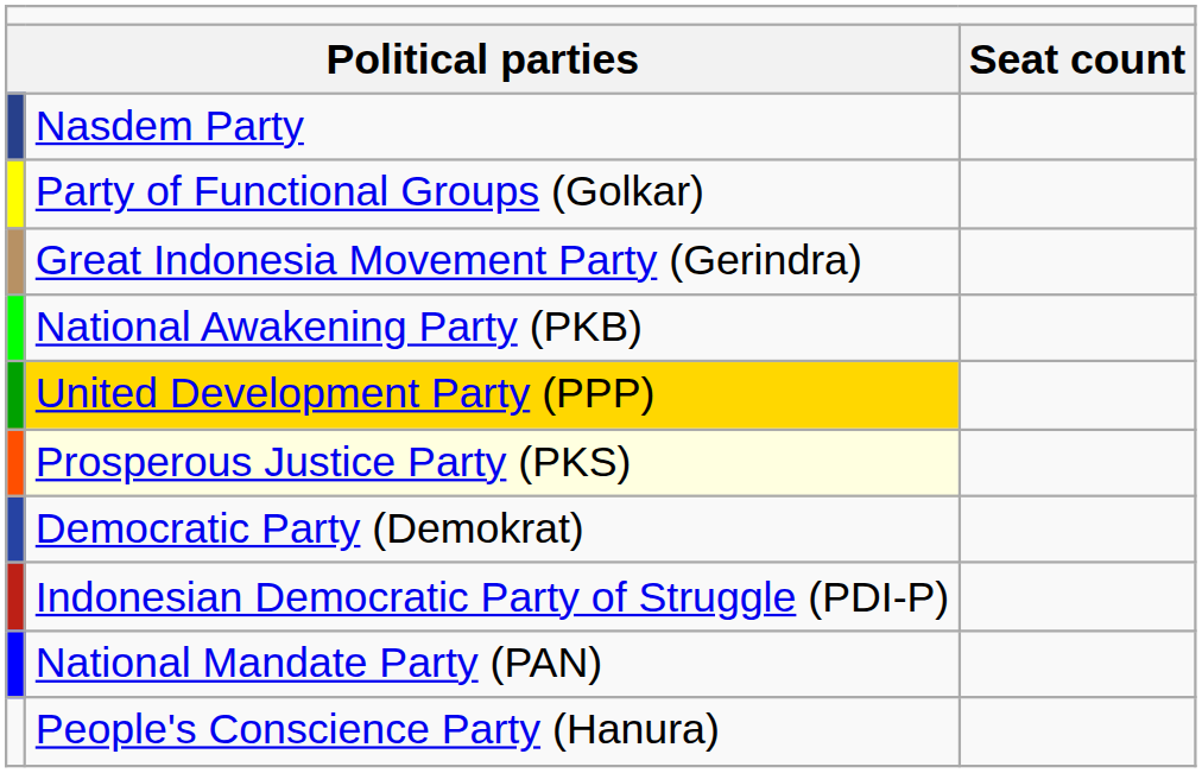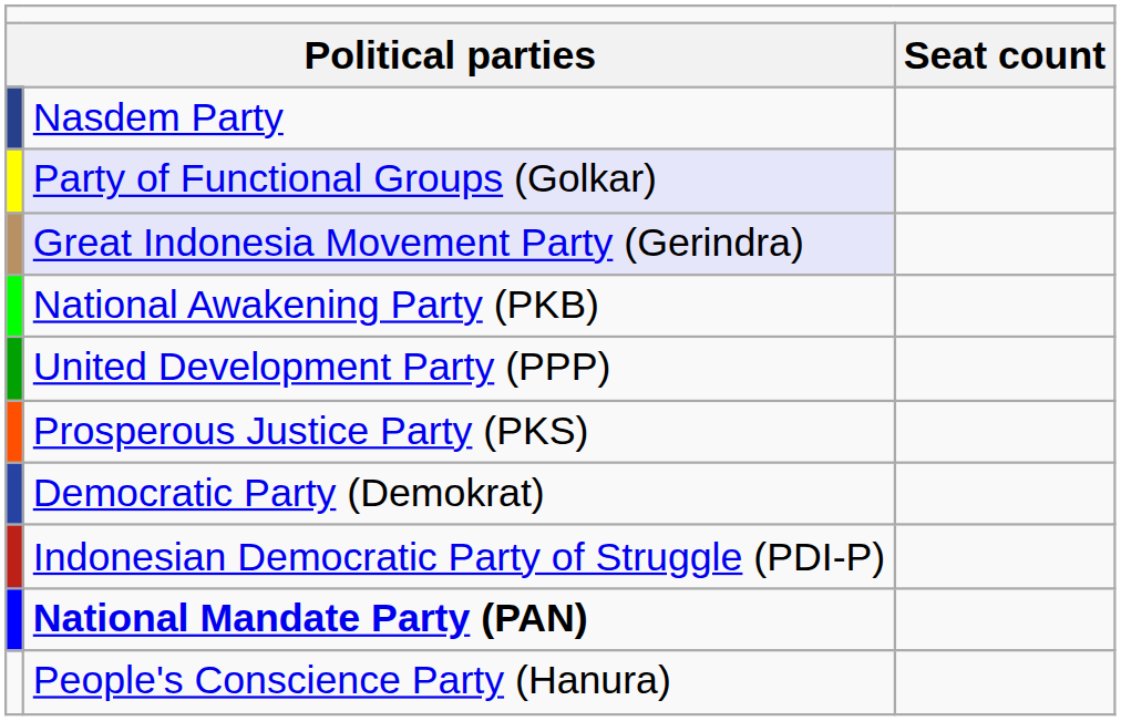 <table class="wikitable">
 <tr>
 <td colspan="4"></td>
 </tr>
 <tr>
 <th colspan="2">Political parties</th>
 <th>Seat count</th>
 </tr>
 <tr>
 <td bgcolor=#27408B></td>
 <td><a href='#'>Nasdem Party</a></td>
 <td></td>
 </tr>
 <tr>
 <td bgcolor=#FFFF00></td>
-<td><a href='#'>Party of Functional Groups</a> (Golkar)</td>
+<td style="background: lavender;"><a href='#'>Party of Functional Groups</a> (Golkar)</td>
 <td></td>
 </tr>
 <tr>
 <td bgcolor=#B79164></td>
-<td><a href='#'>Great Indonesia Movement Party</a> (Gerindra)</td>
+<td style="background: lavender;"><a href='#'>Great Indonesia Movement Party</a> (Gerindra)</td>
 <td></td>
 </tr>
 <tr>
 <td bgcolor=#00FF00></td>
 <td><a href='#'>National Awakening Party</a> (PKB)</td>
 <td></td>
 </tr>
 <tr>
 <td bgcolor=#00A100></td>
-<td style="background: gold;"><a href='#'>United Development Party</a> (PPP)</td>
+<td><a href='#'>United Development Party</a> (PPP)</td>
 <td></td>
 </tr>
 <tr>
 <td bgcolor=#FF4F00></td>
-<td style="background: lightyellow;"><a href='#'>Prosperous Justice Party</a> (PKS)</td>
+<td><a href='#'>Prosperous Justice Party</a> (PKS)</td>
 <td></td>
 </tr>
 <tr>
 <td bgcolor=#2643A3></td>
 <td><a href='#'>Democratic Party</a> (Demokrat)</td>
 <td></td>
 </tr>
 <tr>
 <td bgcolor=#BD2016></td>
 <td><a href='#'>Indonesian Democratic Party of Struggle</a> (PDI-P)</td>
 <td></td>
 </tr>
 <tr>
 <td bgcolor=#0000FF></td>
-<td><a href='#'>National Mandate Party</a> (PAN)</td>
+<td><strong><a href='#'>National Mandate Party</a> (PAN)</strong></td>
 <td></td>
 </tr>
 <tr>
 <td bgcolor=></td>
 <td><a href='#'>People's Conscience Party</a> (Hanura)</td>
 <td></td>
 </tr>
 </table>
